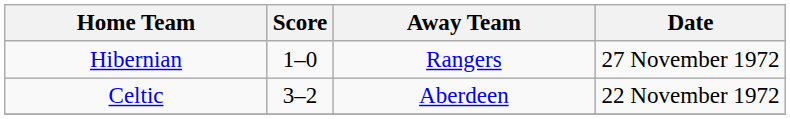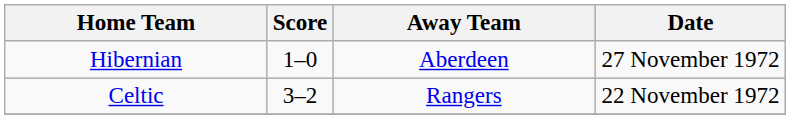 <table class="wikitable" style="text-align:center;">
 <tr>
 <th width=175>Home Team</th>
 <th width=20>Score</th>
 <th width=175>Away Team</th>
 <th width= 125>Date</th>
 </tr>
 <tr>
 <td><a href='#'>Hibernian</a></td>
 <td>1–0</td>
-<td><a href='#'>Rangers</a></td>
+<td><a href='#'>Aberdeen</a></td>
 <td>27 November 1972</td>
 </tr>
 <tr>
 <td><a href='#'>Celtic</a></td>
 <td>3–2</td>
-<td><a href='#'>Aberdeen</a></td>
+<td><a href='#'>Rangers</a></td>
 <td>22 November 1972</td>
 </tr>
 <tr>
 </tr>
 </table>
